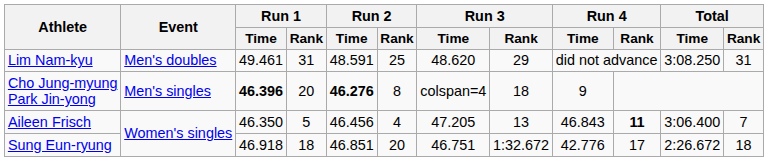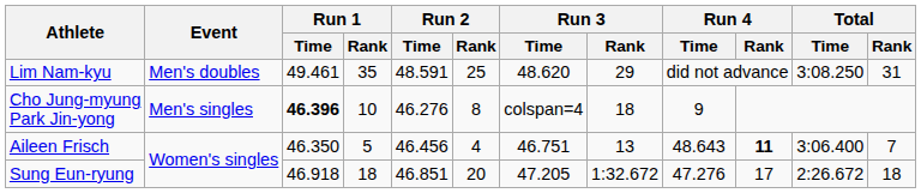 <table class="wikitable" style="font-size:90%">
 <tr>
 <th rowspan="2">Athlete</th>
 <th rowspan="2">Event</th>
 <th colspan=2>Run 1</th>
 <th colspan=2>Run 2</th>
 <th colspan=2>Run 3</th>
 <th colspan=2>Run 4</th>
 <th colspan=2>Total</th>
 </tr>
 <tr style="font-size:95%">
 <th>Time</th>
 <th>Rank</th>
 <th>Time</th>
 <th>Rank</th>
 <th>Time</th>
 <th>Rank</th>
 <th>Time</th>
 <th>Rank</th>
 <th>Time</th>
 <th>Rank</th>
 </tr>
 <tr align=center>
 <td align=left><a href='#'>Lim Nam-kyu</a></td>
 <td align=left><a href='#'>Men's doubles</a></td>
 <td>49.461</td>
-<td>31</td>
+<td>35</td>
 <td>48.591</td>
 <td>25</td>
 <td>48.620</td>
 <td>29</td>
 <td colspan=2>did not advance</td>
 <td>3:08.250</td>
 <td>31</td>
 </tr>
 <tr align=center>
 <td align=left><a href='#'>Cho Jung-myung</a><br><a href='#'>Park Jin-yong</a></td>
 <td align=left><a href='#'>Men's singles</a></td>
 <td><strong>46.396</strong></td>
-<td>20</td>
-<td><strong>46.276</strong></td>
+<td>10</td>
+<td>46.276</td>
 <td>8</td>
 <td>colspan=4 </td>
 <td>18</td>
 <td>9</td>
 </tr>
 <tr align=center>
 <td align=left><a href='#'>Aileen Frisch</a></td>
 <td align=left rowspan=2><a href='#'>Women's singles</a></td>
 <td>46.350</td>
 <td>5</td>
 <td>46.456</td>
 <td>4</td>
-<td>47.205</td>
+<td>46.751</td>
 <td>13</td>
-<td>46.843</td>
+<td>48.643</td>
 <td><strong>11</strong></td>
 <td>3:06.400</td>
 <td>7</td>
 </tr>
 <tr align=center>
 <td align=left><a href='#'>Sung Eun-ryung</a></td>
 <td>46.918</td>
 <td>18</td>
 <td>46.851</td>
 <td>20</td>
-<td>46.751</td>
+<td>47.205</td>
 <td>1:32.672</td>
-<td>42.776</td>
+<td>47.276</td>
 <td>17</td>
 <td>2:26.672</td>
 <td>18</td>
 </tr>
 </table>
